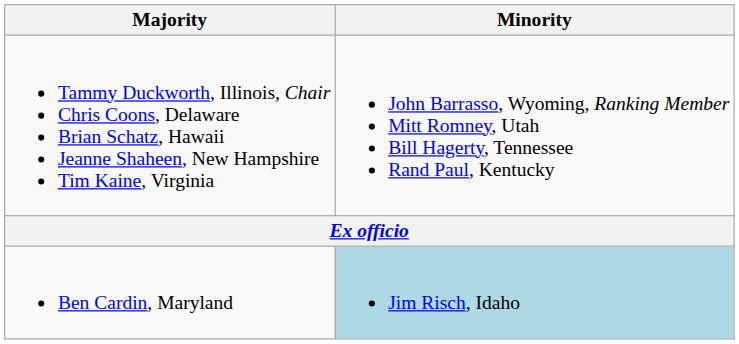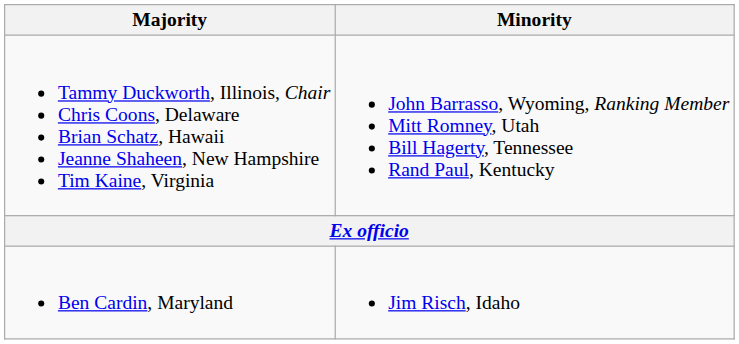 <table class=wikitable>
 <tr>
 <th>Majority</th>
 <th>Minority</th>
 </tr>
 <tr>
 <td><br><ul><li><a href='#'>Tammy Duckworth</a>, Illinois, <em>Chair</em></li><li><a href='#'>Chris Coons</a>, Delaware</li><li><a href='#'>Brian Schatz</a>, Hawaii</li><li><a href='#'>Jeanne Shaheen</a>, New Hampshire</li><li><a href='#'>Tim Kaine</a>, Virginia</li></ul></td>
 <td><br><ul><li><a href='#'>John Barrasso</a>, Wyoming, <em>Ranking Member</em></li><li><a href='#'>Mitt Romney</a>, Utah</li><li><a href='#'>Bill Hagerty</a>, Tennessee</li><li><a href='#'>Rand Paul</a>, Kentucky</li></ul></td>
 </tr>
 <tr>
 <th colspan=2><em><a href='#'>Ex officio</a></em></th>
 </tr>
 <tr>
 <td><br><ul><li><a href='#'>Ben Cardin</a>, Maryland</li></ul></td>
-<td style="background: lightblue;"><br><ul><li><a href='#'>Jim Risch</a>, Idaho</li></ul></td>
+<td><br><ul><li><a href='#'>Jim Risch</a>, Idaho</li></ul></td>
 </tr>
 </table>
